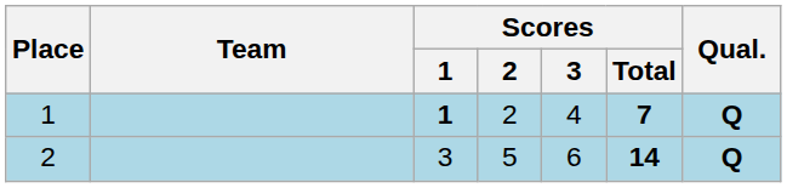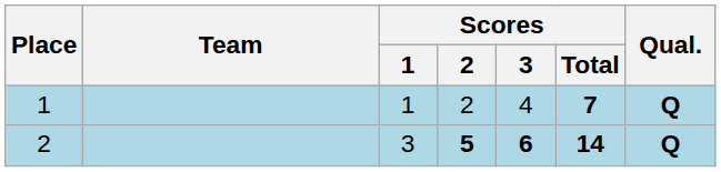 <table class=wikitable style="text-align:center">
 <tr>
 <th width=20 rowspan=2>Place</th>
 <th width=180 rowspan=2>Team</th>
 <th colspan=4>Scores</th>
 <th width=50 rowspan=2>Qual.</th>
 </tr>
 <tr>
 <th width=30>1</th>
 <th width=30>2</th>
 <th width=30>3</th>
 <th>Total</th>
 </tr>
 <tr bgcolor=lightblue>
 <td>1</td>
 <td align=left></td>
-<td><strong>1</strong></td>
+<td>1</td>
 <td>2</td>
 <td>4</td>
 <td><strong>7</strong></td>
 <td><strong>Q</strong></td>
 </tr>
 <tr bgcolor=lightblue>
 <td>2</td>
 <td align=left></td>
 <td>3</td>
-<td>5</td>
-<td>6</td>
+<td><strong>5</strong></td>
+<td><strong>6</strong></td>
 <td><strong>14</strong></td>
 <td><strong>Q</strong></td>
 </tr>
 </table>
